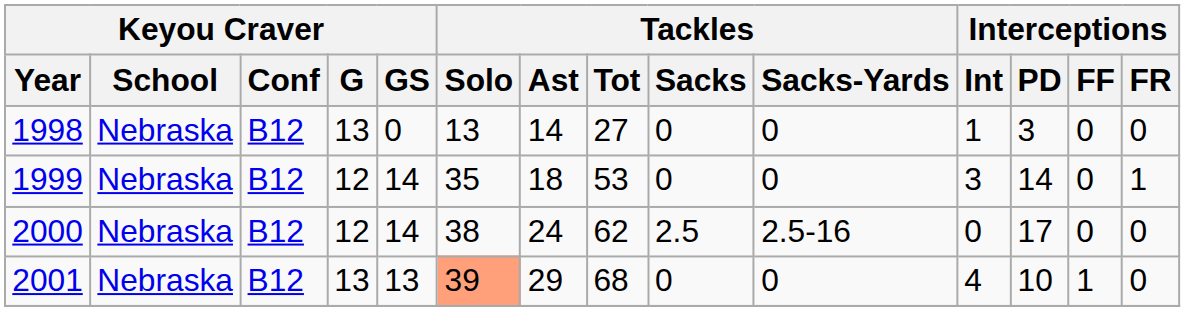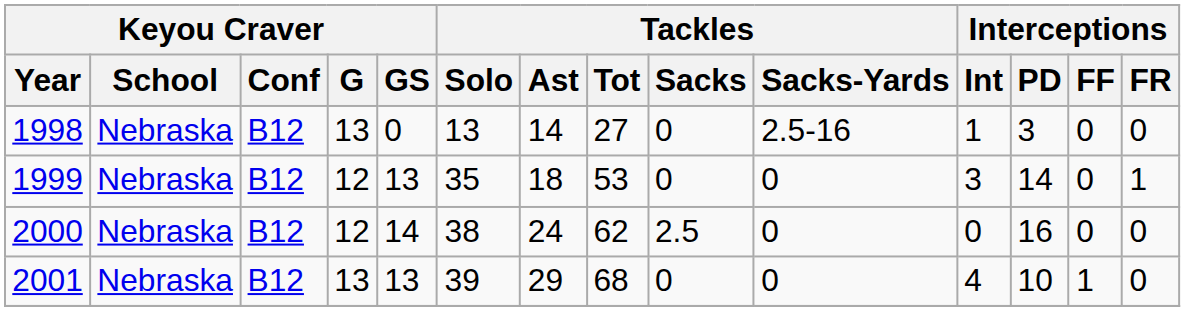 <table class="wikitable">
 <tr>
 <th colspan="5" style="text-align: center; font-weight:bold;">Keyou Craver</th>
 <th colspan="5" style="text-align: center; font-weight:bold;">Tackles</th>
 <th colspan="4" style="text-align: center; font-weight:bold;">Interceptions</th>
 </tr>
 <tr>
 <th style="font-weight:bold;" style=>Year</th>
 <th style="font-weight:bold;" style=>School</th>
 <th style="font-weight:bold;" style=>Conf</th>
 <th style="font-weight:bold;" style=>G</th>
 <th style="font-weight:bold;" style=>GS</th>
 <th style="font-weight:bold;" style=>Solo</th>
 <th style="font-weight:bold;" style=>Ast</th>
 <th style="font-weight:bold;" style=>Tot</th>
 <th style="font-weight:bold;" style=>Sacks</th>
 <th style="font-weight:bold;" style=>Sacks-Yards</th>
 <th style="font-weight:bold;" style=>Int</th>
 <th style="font-weight:bold;" style=>PD</th>
 <th style="font-weight:bold;" style=>FF</th>
 <th style="font-weight:bold;" style=>FR</th>
 </tr>
 <tr>
 <td><a href='#'>1998</a></td>
 <td><a href='#'>Nebraska</a></td>
 <td><a href='#'>B12</a></td>
 <td>13</td>
 <td>0</td>
 <td>13</td>
 <td>14</td>
 <td>27</td>
 <td>0</td>
-<td>0</td>
+<td>2.5-16</td>
 <td>1</td>
 <td>3</td>
 <td>0</td>
 <td>0</td>
 </tr>
 <tr>
 <td><a href='#'>1999</a></td>
 <td><a href='#'>Nebraska</a></td>
 <td><a href='#'>B12</a></td>
 <td>12</td>
-<td>14</td>
+<td>13</td>
 <td>35</td>
 <td>18</td>
 <td>53</td>
 <td>0</td>
 <td>0</td>
 <td>3</td>
 <td>14</td>
 <td>0</td>
 <td>1</td>
 </tr>
 <tr>
 <td><a href='#'>2000</a></td>
 <td><a href='#'>Nebraska</a></td>
 <td><a href='#'>B12</a></td>
 <td>12</td>
 <td>14</td>
 <td>38</td>
 <td>24</td>
 <td>62</td>
 <td>2.5</td>
-<td>2.5-16</td>
 <td>0</td>
-<td>17</td>
+<td>0</td>
+<td>16</td>
 <td>0</td>
 <td>0</td>
 </tr>
 <tr>
 <td><a href='#'>2001</a></td>
 <td><a href='#'>Nebraska</a></td>
 <td><a href='#'>B12</a></td>
 <td>13</td>
 <td>13</td>
-<td style="background: lightsalmon;">39</td>
+<td>39</td>
 <td>29</td>
 <td>68</td>
 <td>0</td>
 <td>0</td>
 <td>4</td>
 <td>10</td>
 <td>1</td>
 <td>0</td>
 </tr>
 <tr>
 </tr>
 </table>
